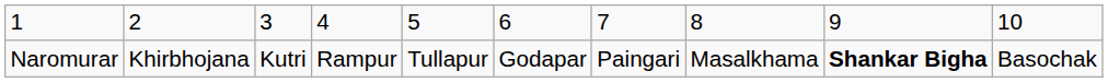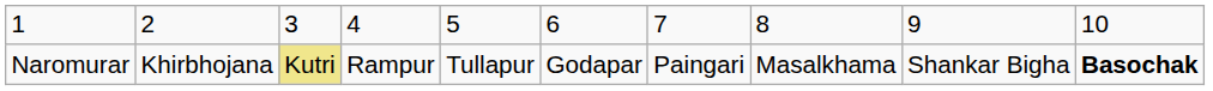 <table class="wikitable">
 <tr>
 <td>1</td>
 <td>2</td>
 <td>3</td>
 <td>4</td>
 <td>5</td>
 <td>6</td>
 <td>7</td>
 <td>8</td>
 <td>9</td>
 <td>10</td>
 </tr>
 <tr>
 <td>Naromurar</td>
 <td>Khirbhojana</td>
-<td>Kutri</td>
+<td style="background: khaki;">Kutri</td>
 <td>Rampur</td>
 <td>Tullapur</td>
 <td>Godapar</td>
 <td>Paingari</td>
 <td>Masalkhama</td>
-<td><strong>Shankar Bigha</strong></td>
-<td>Basochak</td>
+<td>Shankar Bigha</td>
+<td><strong>Basochak</strong></td>
 </tr>
 </table>
